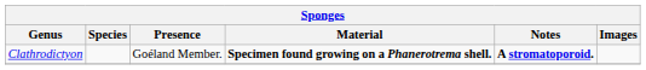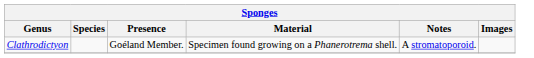 <table class="wikitable" align="center">
 <tr>
 <th colspan="6" align="center"><strong><a href='#'>Sponges</a></strong></th>
 </tr>
 <tr>
 <th>Genus</th>
 <th>Species</th>
 <th>Presence</th>
 <th><strong>Material</strong></th>
 <th>Notes</th>
 <th>Images</th>
 </tr>
 <tr>
 <td><em><a href='#'>Clathrodictyon</a></em></td>
 <td></td>
 <td>Goéland Member.</td>
-<td><strong>Specimen found growing on a <em>Phanerotrema</em> shell.</strong></td>
-<td><strong>A <a href='#'>stromatoporoid</a>.</strong></td>
+<td>Specimen found growing on a <em>Phanerotrema</em> shell.</td>
+<td>A <a href='#'>stromatoporoid</a>.</td>
 <td></td>
 </tr>
 <tr>
 </tr>
 </table>
